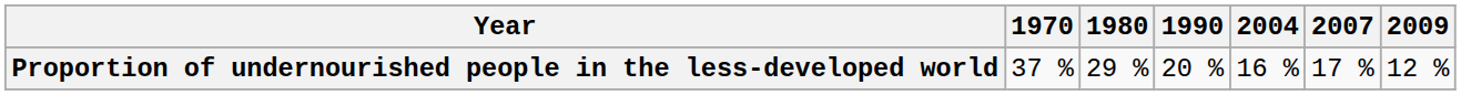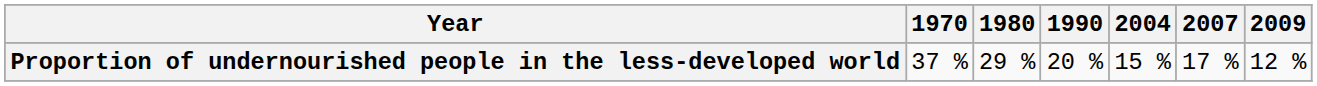 <table class="wikitable">
 <tr>
 <th>Year</th>
 <th>1970</th>
 <th>1980</th>
 <th>1990</th>
 <th>2004</th>
 <th>2007</th>
 <th>2009</th>
 </tr>
 <tr>
 <th>Proportion of undernourished people in the less-developed world</th>
 <td>37 %</td>
 <td>29 %</td>
 <td>20 %</td>
-<td>16 %</td>
+<td>15 %</td>
 <td>17 %</td>
 <td>12 %</td>
 </tr>
 </table>
